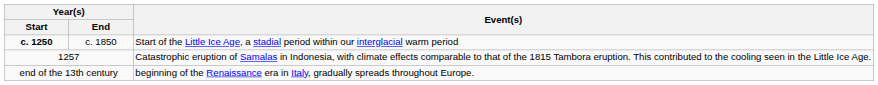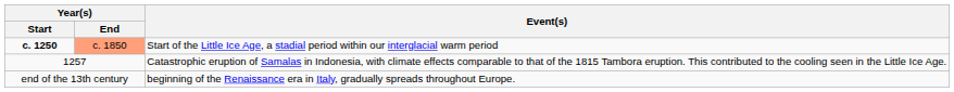 <table class="wikitable">
 <tr>
 <th colspan="2">Year(s)</th>
 <th rowspan="2">Event(s)</th>
 </tr>
 <tr>
 <th style="width:100px;">Start</th>
 <th style="width:100px;">End</th>
 </tr>
 <tr>
 <td style="text-align:center;"><strong>c. 1250</strong></td>
-<td style="text-align:center;">c. 1850</td>
+<td style="background: lightsalmon; text-align:center;">c. 1850</td>
 <td>Start of the <a href='#'>Little Ice Age</a>, a <a href='#'>stadial</a> period within our <a href='#'>interglacial</a> warm period</td>
 </tr>
 <tr>
 <td colspan="2" style="text-align:center;">1257</td>
 <td>Catastrophic eruption of <a href='#'>Samalas</a> in Indonesia, with climate effects comparable to that of the 1815 Tambora eruption. This contributed to the cooling seen in the Little Ice Age.</td>
 </tr>
 <tr>
 <td colspan="2" style="text-align:center;">end of the 13th century</td>
 <td>beginning of the <a href='#'>Renaissance</a> era in <a href='#'>Italy</a>, gradually spreads throughout Europe.</td>
 </tr>
 </table>
